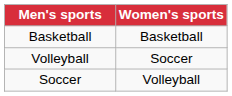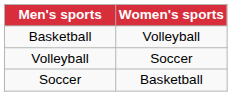 <table class="wikitable floatleft" style="text-align:center">
 <tr>
 <th width="50%" style="background:#D82E3B;color:white;">Men's sports</th>
 <th width="50%" style="background:#D82E3B;color:white;">Women's sports</th>
 </tr>
 <tr>
 <td>Basketball</td>
-<td>Basketball</td>
+<td>Volleyball</td>
 </tr>
 <tr>
 <td>Volleyball</td>
 <td>Soccer</td>
 </tr>
 <tr>
 <td>Soccer</td>
-<td>Volleyball</td>
+<td>Basketball</td>
 </tr>
 </table>
